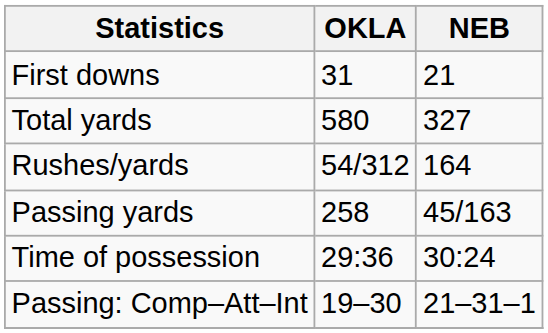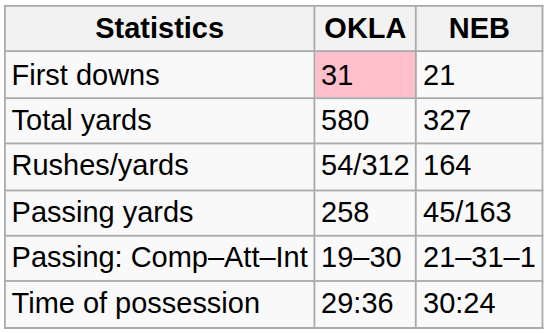 <table class="wikitable" style="float: left;">
 <tr>
 <th>Statistics</th>
 <th>OKLA</th>
 <th>NEB</th>
 </tr>
 <tr>
 <td>First downs</td>
-<td>31</td>
+<td style="background: pink;">31</td>
 <td>21</td>
 </tr>
 <tr>
 <td>Total yards</td>
 <td>580</td>
 <td>327</td>
 </tr>
 <tr>
 <td>Rushes/yards</td>
 <td>54/312</td>
 <td>164</td>
 </tr>
 <tr>
 <td>Passing yards</td>
 <td>258</td>
 <td>45/163</td>
 </tr>
 <tr>
+<td>Passing: Comp–Att–Int</td>
+<td>19–30</td>
+<td>21–31–1</td>
+</tr>
+<tr>
 <td>Time of possession</td>
 <td>29:36</td>
 <td>30:24</td>
 </tr>
 <tr>
-<td>Passing: Comp–Att–Int</td>
-<td>19–30</td>
-<td>21–31–1</td>
-</tr>
-<tr>
 </tr>
 </table>
